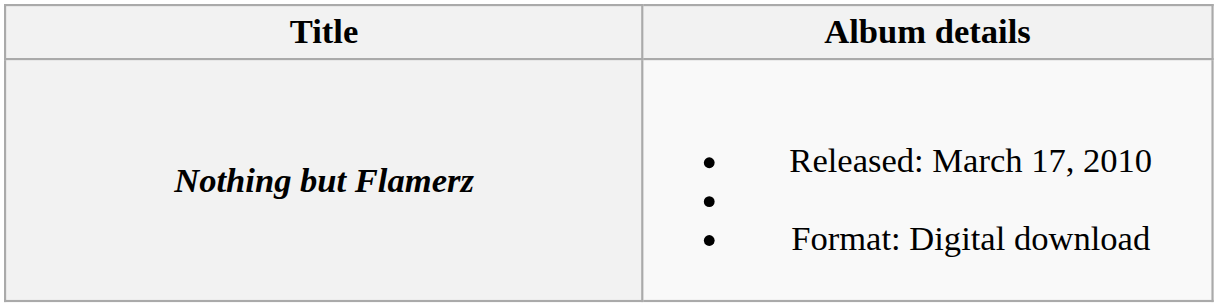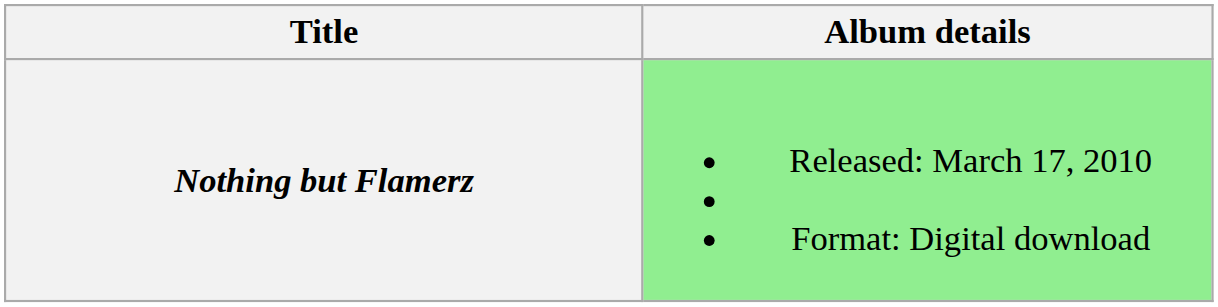 <table class="wikitable plainrowheaders" style="text-align:center;">
 <tr>
 <th scope="col" style="width:18em;">Title</th>
 <th scope="col" style="width:16em;">Album details</th>
 </tr>
 <tr>
 <th scope="row"><em>Nothing but Flamerz</em></th>
-<td><br><ul><li>Released: March 17, 2010</li><li></li><li>Format: Digital download</li></ul></td>
+<td style="background: lightgreen;"><br><ul><li>Released: March 17, 2010</li><li></li><li>Format: Digital download</li></ul></td>
 </tr>
 </table>
